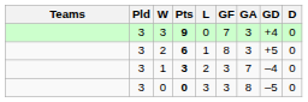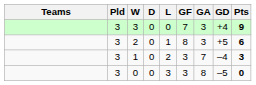 <table class="wikitable" style="text-align: center;">
 <tr>
 <th width=165>Teams</th>
 <th width=20>Pld</th>
 <th width=20>W</th>
-<th width=20>Pts</th>
+<th width=20>D</th>
 <th width=20>L</th>
 <th width=20>GF</th>
 <th width=20>GA</th>
 <th width=20>GD</th>
-<th width=20>D</th>
+<th width=20>Pts</th>
 </tr>
 <tr align=center style="background:#ccffcc;">
 <td style="text-align:left;"></td>
 <td>3</td>
 <td>3</td>
-<td><strong>9</strong></td>
+<td>0</td>
 <td>0</td>
 <td>7</td>
 <td>3</td>
 <td>+4</td>
-<td>0</td>
+<td><strong>9</strong></td>
 </tr>
 <tr align=center>
 <td style="text-align:left;"></td>
 <td>3</td>
 <td>2</td>
-<td><strong>6</strong></td>
+<td>0</td>
 <td>1</td>
 <td>8</td>
 <td>3</td>
 <td>+5</td>
-<td>0</td>
+<td><strong>6</strong></td>
 </tr>
 <tr align=center>
 <td style="text-align:left;"></td>
 <td>3</td>
 <td>1</td>
-<td><strong>3</strong></td>
+<td>0</td>
 <td>2</td>
 <td>3</td>
 <td>7</td>
 <td>–4</td>
-<td>0</td>
+<td><strong>3</strong></td>
 </tr>
 <tr align=center>
 <td style="text-align:left;"></td>
 <td>3</td>
 <td>0</td>
-<td><strong>0</strong></td>
+<td>0</td>
 <td>3</td>
 <td>3</td>
 <td>8</td>
 <td>–5</td>
-<td>0</td>
+<td><strong>0</strong></td>
 </tr>
 </table>
